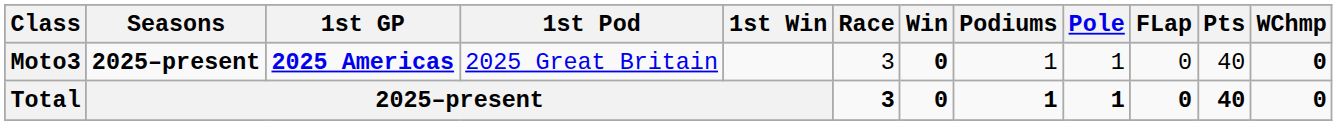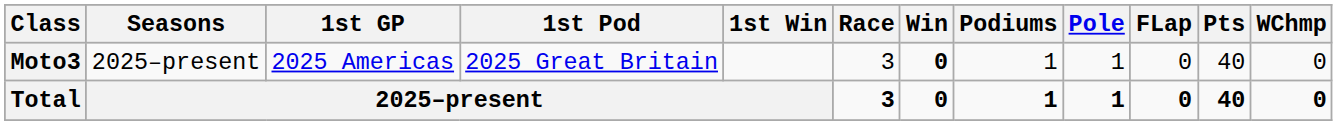 <table class="wikitable" style=text-align:right;">
 <tr>
 <th>Class</th>
 <th>Seasons</th>
 <th>1st GP</th>
 <th>1st Pod</th>
 <th>1st Win</th>
 <th>Race</th>
 <th>Win</th>
 <th>Podiums</th>
 <th><a href='#'>Pole</a></th>
 <th>FLap</th>
 <th>Pts</th>
 <th>WChmp</th>
 </tr>
 <tr>
 <th>Moto3</th>
-<td><strong>2025–present</strong></td>
-<td style="text-align:left;"><strong><a href='#'>2025 Americas</a></strong></td>
+<td>2025–present</td>
+<td style="text-align:left;"><a href='#'>2025 Americas</a></td>
 <td style="text-align:left;"><a href='#'>2025 Great Britain</a></td>
 <td style="text-align:left;"></td>
 <td>3</td>
 <td><strong>0</strong></td>
 <td>1</td>
 <td>1</td>
 <td>0</td>
 <td>40</td>
-<td><strong>0</strong></td>
+<td>0</td>
 </tr>
 <tr>
 <th>Total</th>
 <th colspan="4">2025–present</th>
 <td><strong>3</strong></td>
 <td><strong>0</strong></td>
 <td><strong>1</strong></td>
 <td><strong>1</strong></td>
 <td><strong>0</strong></td>
 <td><strong>40</strong></td>
 <td><strong>0</strong></td>
 </tr>
 </table>
